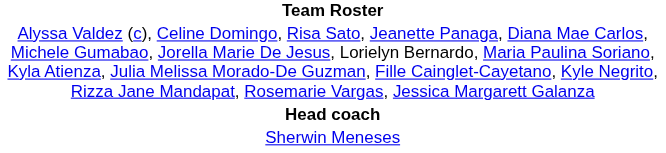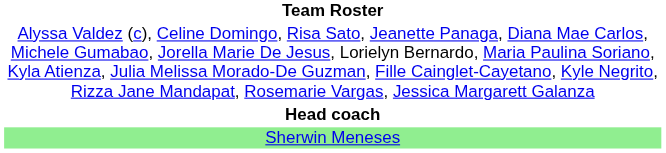 <table style="text-align:center; margin-top:2em; margin-left:auto; margin-right:auto">
 <tr>
 <td><strong>Team Roster</strong></td>
 </tr>
 <tr>
 <td><a href='#'>Alyssa Valdez</a> (<a href='#'>c</a>),  <a href='#'>Celine Domingo</a>, <a href='#'>Risa Sato</a>, <a href='#'>Jeanette Panaga</a>, <a href='#'>Diana Mae Carlos</a>, <a href='#'>Michele Gumabao</a>, <a href='#'>Jorella Marie De Jesus</a>, Lorielyn Bernardo, <a href='#'>Maria Paulina Soriano</a>, <a href='#'>Kyla Atienza</a>, <a href='#'>Julia Melissa Morado-De Guzman</a>, <a href='#'>Fille Cainglet-Cayetano</a>, <a href='#'>Kyle Negrito</a>, <a href='#'>Rizza Jane Mandapat</a>, <a href='#'>Rosemarie Vargas</a>, <a href='#'>Jessica Margarett Galanza</a></td>
 </tr>
 <tr>
 <td><strong>Head coach</strong></td>
 </tr>
 <tr>
-<td><a href='#'>Sherwin Meneses</a></td>
+<td style="background: lightgreen;"><a href='#'>Sherwin Meneses</a></td>
 </tr>
 </table>
